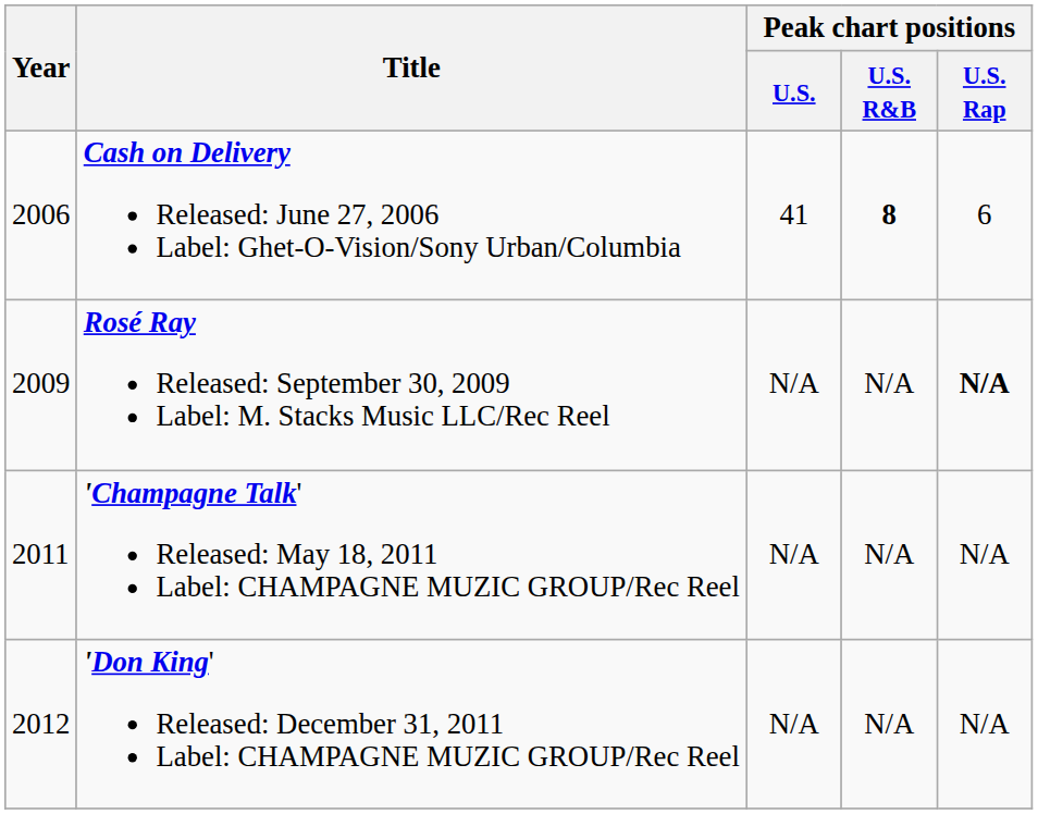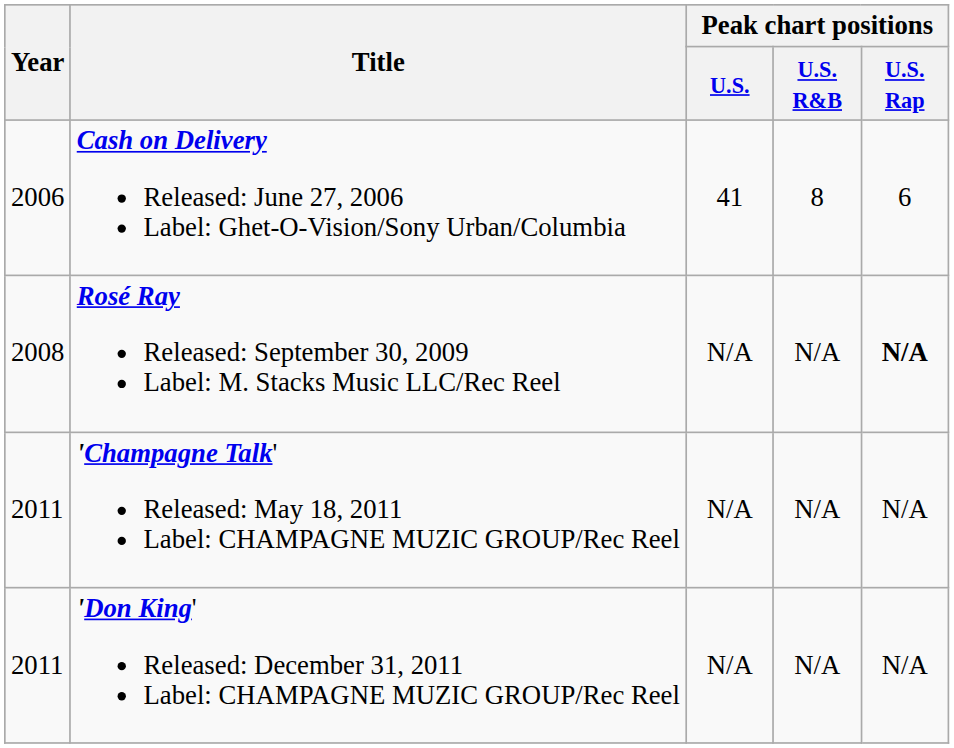 <table class="wikitable">
 <tr>
 <th rowspan=2>Year</th>
 <th rowspan=2>Title</th>
 <th colspan=3>Peak chart positions</th>
 </tr>
 <tr>
 <th width=45><small><a href='#'>U.S.</a></small></th>
 <th width=45><small><a href='#'>U.S. R&B</a></small></th>
 <th width=45><small><a href='#'>U.S. Rap</a></small></th>
 </tr>
 <tr>
 <td>2006</td>
 <td><strong><em><a href='#'>Cash on Delivery</a></em></strong><br><ul><li>Released: June 27, 2006</li><li>Label: Ghet-O-Vision/Sony Urban/Columbia</li></ul></td>
 <td align=center>41</td>
-<td align=center><strong>8</strong></td>
+<td align=center>8</td>
 <td align=center>6</td>
 </tr>
 <tr>
-<td>2009</td>
+<td>2008</td>
 <td><strong><em><a href='#'>Rosé Ray</a></em></strong><br><ul><li>Released: September 30, 2009</li><li>Label: M. Stacks Music LLC/Rec Reel</li></ul></td>
 <td align=center>N/A</td>
 <td align=center>N/A</td>
 <td align=center><strong>N/A</strong></td>
 </tr>
 <tr>
 <td>2011</td>
 <td><strong><em>'<a href='#'>Champagne Talk</a></em></strong>'<br><ul><li>Released: May 18, 2011</li><li>Label: CHAMPAGNE MUZIC GROUP/Rec Reel</li></ul></td>
 <td align=center>N/A</td>
 <td align=center>N/A</td>
 <td align=center>N/A</td>
 </tr>
 <tr>
-<td>2012</td>
+<td>2011</td>
 <td><strong><em>'<a href='#'>Don King</a></em></strong>'<br><ul><li>Released: December 31, 2011</li><li>Label: CHAMPAGNE MUZIC GROUP/Rec Reel</li></ul></td>
 <td align=center>N/A</td>
 <td align=center>N/A</td>
 <td align=center>N/A</td>
 </tr>
 </table>
